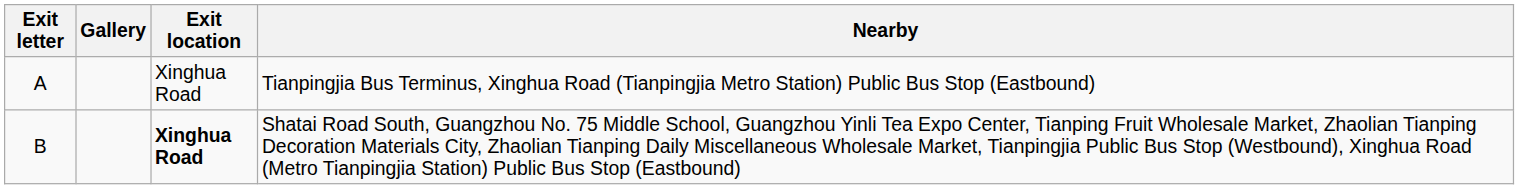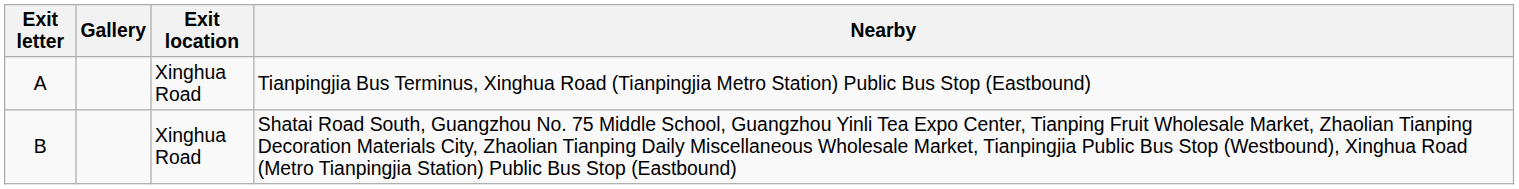 <table class="wikitable">
 <tr>
 <th style="width:70px" colspan="2">Exit letter</th>
 <th>Gallery</th>
 <th>Exit location</th>
 <th>Nearby</th>
 </tr>
 <tr>
 <td align="center" colspan="2">A</td>
 <td></td>
 <td>Xinghua Road</td>
 <td>Tianpingjia Bus Terminus, Xinghua Road (Tianpingjia Metro Station) Public Bus Stop (Eastbound)</td>
 </tr>
 <tr>
 <td align="center" colspan="2">B</td>
 <td></td>
-<td><strong>Xinghua Road</strong></td>
+<td>Xinghua Road</td>
 <td>Shatai Road South, Guangzhou No. 75 Middle School, Guangzhou Yinli Tea Expo Center, Tianping Fruit Wholesale Market, Zhaolian Tianping Decoration Materials City, Zhaolian Tianping Daily Miscellaneous Wholesale Market, Tianpingjia Public Bus Stop (Westbound), Xinghua Road (Metro Tianpingjia Station) Public Bus Stop (Eastbound)</td>
 </tr>
 </table>
